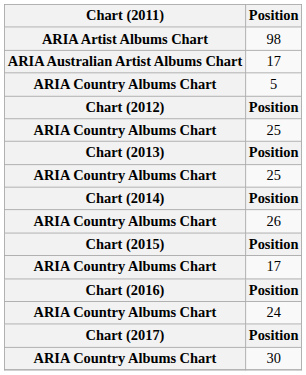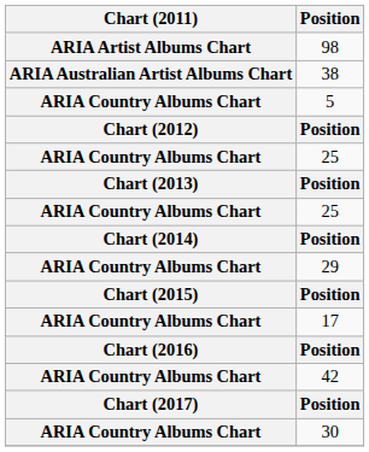 <table class="wikitable sortable plainrowheaders" style="text-align:center">
 <tr>
 <th scope="col">Chart (2011)</th>
 <th scope="col">Position</th>
 </tr>
 <tr>
 <th scope="row">ARIA Artist Albums Chart</th>
 <td>98</td>
 </tr>
 <tr>
 <th scope="row">ARIA Australian Artist Albums Chart</th>
-<td>17</td>
+<td>38</td>
 </tr>
 <tr>
 <th scope="row">ARIA Country Albums Chart</th>
 <td>5</td>
 </tr>
 <tr>
 <th scope="col">Chart (2012)</th>
 <th scope="col">Position</th>
 </tr>
 <tr>
 <th scope="row">ARIA Country Albums Chart</th>
 <td>25</td>
 </tr>
 <tr>
 <th scope="col">Chart (2013)</th>
 <th scope="col">Position</th>
 </tr>
 <tr>
 <th scope="row">ARIA Country Albums Chart</th>
 <td>25</td>
 </tr>
 <tr>
 <th scope="col">Chart (2014)</th>
 <th scope="col">Position</th>
 </tr>
 <tr>
 <th scope="row">ARIA Country Albums Chart</th>
-<td>26</td>
+<td>29</td>
 </tr>
 <tr>
 <th scope="col">Chart (2015)</th>
 <th scope="col">Position</th>
 </tr>
 <tr>
 <th scope="row">ARIA Country Albums Chart</th>
 <td>17</td>
 </tr>
 <tr>
 <th scope="col">Chart (2016)</th>
 <th scope="col">Position</th>
 </tr>
 <tr>
 <th scope="row">ARIA Country Albums Chart</th>
-<td>24</td>
+<td>42</td>
 </tr>
 <tr>
 <th scope="col">Chart (2017)</th>
 <th scope="col">Position</th>
 </tr>
 <tr>
 <th scope="row">ARIA Country Albums Chart</th>
 <td>30</td>
 </tr>
 <tr>
 </tr>
 </table>
